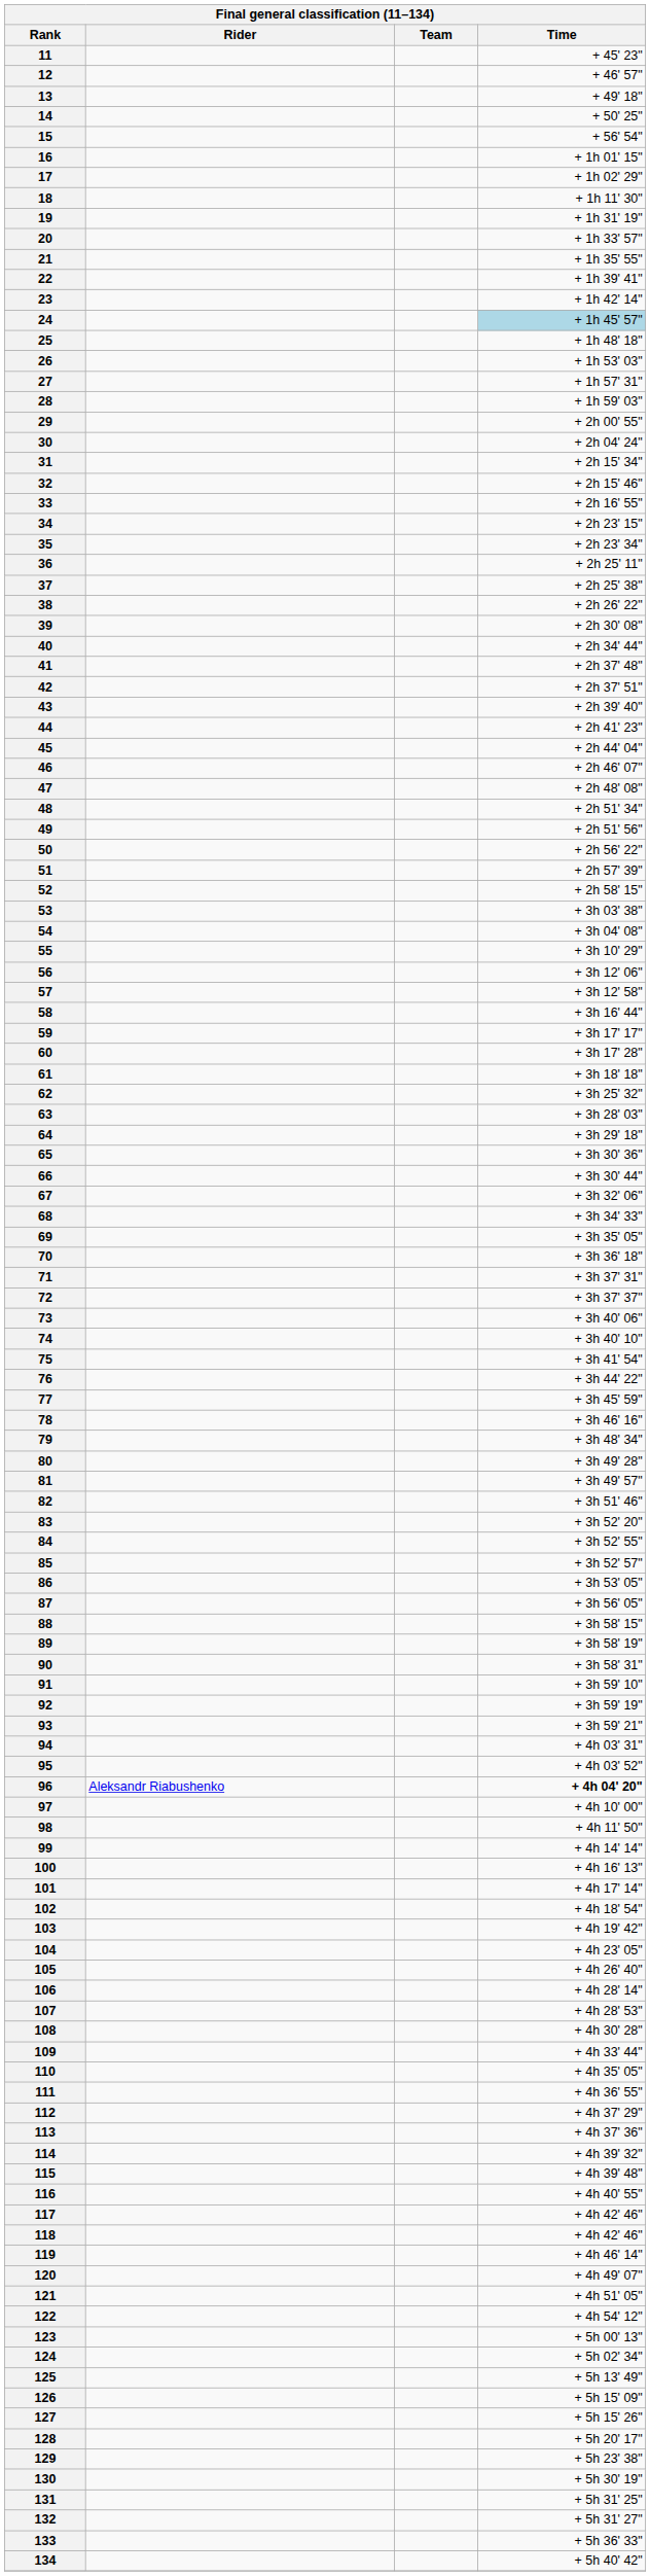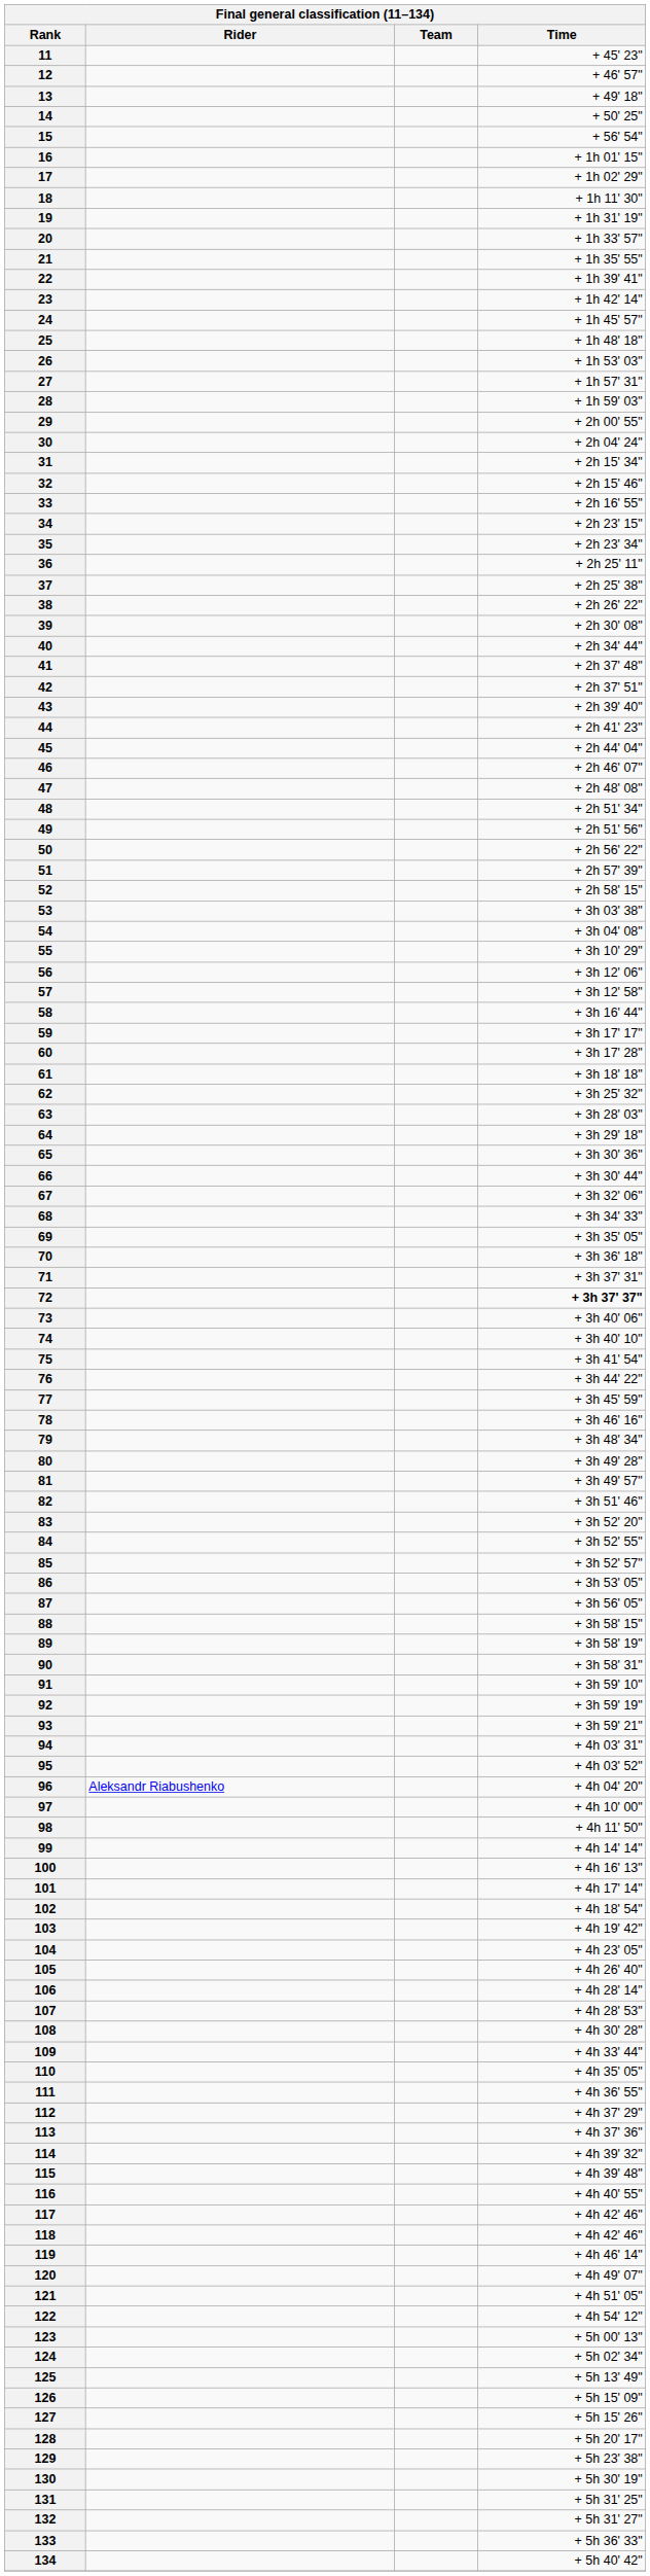 <table class="collapsible collapsed wikitable" style="width:50em;margin-top:-1px;">
 <tr>
 <th scope="col" colspan="4">Final general classification (11–134)</th>
 </tr>
 <tr>
 <th scope="col">Rank</th>
 <th scope="col">Rider</th>
 <th scope="col">Team</th>
 <th scope="col">Time</th>
 </tr>
 <tr>
 <th scope="row">11</th>
 <td></td>
 <td></td>
 <td style="text-align:right;">+ 45' 23"</td>
 </tr>
 <tr>
 <th scope="row">12</th>
 <td></td>
 <td></td>
 <td style="text-align:right;">+ 46' 57"</td>
 </tr>
 <tr>
 <th scope="row">13</th>
 <td></td>
 <td></td>
 <td style="text-align:right;">+ 49' 18"</td>
 </tr>
 <tr>
 <th scope="row">14</th>
 <td></td>
 <td></td>
 <td style="text-align:right;">+ 50' 25"</td>
 </tr>
 <tr>
 <th scope="row">15</th>
 <td></td>
 <td></td>
 <td style="text-align:right;">+ 56' 54"</td>
 </tr>
 <tr>
 <th scope="row">16</th>
 <td> </td>
 <td></td>
 <td style="text-align:right;">+ 1h 01' 15"</td>
 </tr>
 <tr>
 <th scope="row">17</th>
 <td></td>
 <td></td>
 <td style="text-align:right;">+ 1h 02' 29"</td>
 </tr>
 <tr>
 <th scope="row">18</th>
 <td></td>
 <td></td>
 <td style="text-align:right;">+ 1h 11' 30"</td>
 </tr>
 <tr>
 <th scope="row">19</th>
 <td></td>
 <td></td>
 <td style="text-align:right;">+ 1h 31' 19"</td>
 </tr>
 <tr>
 <th scope="row">20</th>
 <td></td>
 <td></td>
 <td style="text-align:right;">+ 1h 33' 57"</td>
 </tr>
 <tr>
 <th scope="row">21</th>
 <td>  </td>
 <td></td>
 <td style="text-align:right;">+ 1h 35' 55"</td>
 </tr>
 <tr>
 <th scope="row">22</th>
 <td></td>
 <td></td>
 <td style="text-align:right;">+ 1h 39' 41"</td>
 </tr>
 <tr>
 <th scope="row">23</th>
 <td></td>
 <td></td>
 <td style="text-align:right;">+ 1h 42' 14"</td>
 </tr>
 <tr>
 <th scope="row">24</th>
 <td></td>
 <td></td>
-<td style="background: lightblue; text-align:right;">+ 1h 45' 57"</td>
+<td style="text-align:right;">+ 1h 45' 57"</td>
 </tr>
 <tr>
 <th scope="row">25</th>
 <td></td>
 <td></td>
 <td style="text-align:right;">+ 1h 48' 18"</td>
 </tr>
 <tr>
 <th scope="row">26</th>
 <td></td>
 <td></td>
 <td style="text-align:right;">+ 1h 53' 03"</td>
 </tr>
 <tr>
 <th scope="row">27</th>
 <td></td>
 <td></td>
 <td style="text-align:right;">+ 1h 57' 31"</td>
 </tr>
 <tr>
 <th scope="row">28</th>
 <td></td>
 <td></td>
 <td style="text-align:right;">+ 1h 59' 03"</td>
 </tr>
 <tr>
 <th scope="row">29</th>
 <td> </td>
 <td></td>
 <td style="text-align:right;">+ 2h 00' 55"</td>
 </tr>
 <tr>
 <th scope="row">30</th>
 <td></td>
 <td></td>
 <td style="text-align:right;">+ 2h 04' 24"</td>
 </tr>
 <tr>
 <th scope="row">31</th>
 <td> </td>
 <td></td>
 <td style="text-align:right;">+ 2h 15' 34"</td>
 </tr>
 <tr>
 <th scope="row">32</th>
 <td></td>
 <td></td>
 <td style="text-align:right;">+ 2h 15' 46"</td>
 </tr>
 <tr>
 <th scope="row">33</th>
 <td></td>
 <td></td>
 <td style="text-align:right;">+ 2h 16' 55"</td>
 </tr>
 <tr>
 <th scope="row">34</th>
 <td></td>
 <td></td>
 <td style="text-align:right;">+ 2h 23' 15"</td>
 </tr>
 <tr>
 <th scope="row">35</th>
 <td></td>
 <td></td>
 <td style="text-align:right;">+ 2h 23' 34"</td>
 </tr>
 <tr>
 <th scope="row">36</th>
 <td></td>
 <td></td>
 <td style="text-align:right;">+ 2h 25' 11"</td>
 </tr>
 <tr>
 <th scope="row">37</th>
 <td></td>
 <td></td>
 <td style="text-align:right;">+ 2h 25' 38"</td>
 </tr>
 <tr>
 <th scope="row">38</th>
 <td></td>
 <td></td>
 <td style="text-align:right;">+ 2h 26' 22"</td>
 </tr>
 <tr>
 <th scope="row">39</th>
 <td></td>
 <td></td>
 <td style="text-align:right;">+ 2h 30' 08"</td>
 </tr>
 <tr>
 <th scope="row">40</th>
 <td></td>
 <td></td>
 <td style="text-align:right;">+ 2h 34' 44"</td>
 </tr>
 <tr>
 <th scope="row">41</th>
 <td></td>
 <td></td>
 <td style="text-align:right;">+ 2h 37' 48"</td>
 </tr>
 <tr>
 <th scope="row">42</th>
 <td></td>
 <td></td>
 <td style="text-align:right;">+ 2h 37' 51"</td>
 </tr>
 <tr>
 <th scope="row">43</th>
 <td></td>
 <td></td>
 <td style="text-align:right;">+ 2h 39' 40"</td>
 </tr>
 <tr>
 <th scope="row">44</th>
 <td></td>
 <td></td>
 <td style="text-align:right;">+ 2h 41' 23"</td>
 </tr>
 <tr>
 <th scope="row">45</th>
 <td></td>
 <td></td>
 <td style="text-align:right;">+ 2h 44' 04"</td>
 </tr>
 <tr>
 <th scope="row">46</th>
 <td></td>
 <td></td>
 <td style="text-align:right;">+ 2h 46' 07"</td>
 </tr>
 <tr>
 <th scope="row">47</th>
 <td></td>
 <td></td>
 <td style="text-align:right;">+ 2h 48' 08"</td>
 </tr>
 <tr>
 <th scope="row">48</th>
 <td> </td>
 <td></td>
 <td style="text-align:right;">+ 2h 51' 34"</td>
 </tr>
 <tr>
 <th scope="row">49</th>
 <td></td>
 <td></td>
 <td style="text-align:right;">+ 2h 51' 56"</td>
 </tr>
 <tr>
 <th scope="row">50</th>
 <td></td>
 <td></td>
 <td style="text-align:right;">+ 2h 56' 22"</td>
 </tr>
 <tr>
 <th scope="row">51</th>
 <td></td>
 <td></td>
 <td style="text-align:right;">+ 2h 57' 39"</td>
 </tr>
 <tr>
 <th scope="row">52</th>
 <td></td>
 <td></td>
 <td style="text-align:right;">+ 2h 58' 15"</td>
 </tr>
 <tr>
 <th scope="row">53</th>
 <td></td>
 <td></td>
 <td style="text-align:right;">+ 3h 03' 38"</td>
 </tr>
 <tr>
 <th scope="row">54</th>
 <td></td>
 <td></td>
 <td style="text-align:right;">+ 3h 04' 08"</td>
 </tr>
 <tr>
 <th scope="row">55</th>
 <td></td>
 <td></td>
 <td style="text-align:right;">+ 3h 10' 29"</td>
 </tr>
 <tr>
 <th scope="row">56</th>
 <td></td>
 <td></td>
 <td style="text-align:right;">+ 3h 12' 06"</td>
 </tr>
 <tr>
 <th scope="row">57</th>
 <td></td>
 <td></td>
 <td style="text-align:right;">+ 3h 12' 58"</td>
 </tr>
 <tr>
 <th scope="row">58</th>
 <td></td>
 <td></td>
 <td style="text-align:right;">+ 3h 16' 44"</td>
 </tr>
 <tr>
 <th scope="row">59</th>
 <td></td>
 <td></td>
 <td style="text-align:right;">+ 3h 17' 17"</td>
 </tr>
 <tr>
 <th scope="row">60</th>
 <td></td>
 <td></td>
 <td style="text-align:right;">+ 3h 17' 28"</td>
 </tr>
 <tr>
 <th scope="row">61</th>
 <td></td>
 <td></td>
 <td style="text-align:right;">+ 3h 18' 18"</td>
 </tr>
 <tr>
 <th scope="row">62</th>
 <td></td>
 <td></td>
 <td style="text-align:right;">+ 3h 25' 32"</td>
 </tr>
 <tr>
 <th scope="row">63</th>
 <td></td>
 <td></td>
 <td style="text-align:right;">+ 3h 28' 03"</td>
 </tr>
 <tr>
 <th scope="row">64</th>
 <td></td>
 <td></td>
 <td style="text-align:right;">+ 3h 29' 18"</td>
 </tr>
 <tr>
 <th scope="row">65</th>
 <td></td>
 <td></td>
 <td style="text-align:right;">+ 3h 30' 36"</td>
 </tr>
 <tr>
 <th scope="row">66</th>
 <td></td>
 <td></td>
 <td style="text-align:right;">+ 3h 30' 44"</td>
 </tr>
 <tr>
 <th scope="row">67</th>
 <td></td>
 <td></td>
 <td style="text-align:right;">+ 3h 32' 06"</td>
 </tr>
 <tr>
 <th scope="row">68</th>
 <td></td>
 <td></td>
 <td style="text-align:right;">+ 3h 34' 33"</td>
 </tr>
 <tr>
 <th scope="row">69</th>
 <td></td>
 <td></td>
 <td style="text-align:right;">+ 3h 35' 05"</td>
 </tr>
 <tr>
 <th scope="row">70</th>
 <td></td>
 <td></td>
 <td style="text-align:right;">+ 3h 36' 18"</td>
 </tr>
 <tr>
 <th scope="row">71</th>
 <td></td>
 <td></td>
 <td style="text-align:right;">+ 3h 37' 31"</td>
 </tr>
 <tr>
 <th scope="row">72</th>
 <td></td>
 <td></td>
-<td style="text-align:right;">+ 3h 37' 37"</td>
+<td style="text-align:right;"><strong>+ 3h 37' 37"</strong></td>
 </tr>
 <tr>
 <th scope="row">73</th>
 <td></td>
 <td></td>
 <td style="text-align:right;">+ 3h 40' 06"</td>
 </tr>
 <tr>
 <th scope="row">74</th>
 <td></td>
 <td></td>
 <td style="text-align:right;">+ 3h 40' 10"</td>
 </tr>
 <tr>
 <th scope="row">75</th>
 <td></td>
 <td></td>
 <td style="text-align:right;">+ 3h 41' 54"</td>
 </tr>
 <tr>
 <th scope="row">76</th>
 <td></td>
 <td></td>
 <td style="text-align:right;">+ 3h 44' 22"</td>
 </tr>
 <tr>
 <th scope="row">77</th>
 <td></td>
 <td></td>
 <td style="text-align:right;">+ 3h 45' 59"</td>
 </tr>
 <tr>
 <th scope="row">78</th>
 <td></td>
 <td></td>
 <td style="text-align:right;">+ 3h 46' 16"</td>
 </tr>
 <tr>
 <th scope="row">79</th>
 <td></td>
 <td></td>
 <td style="text-align:right;">+ 3h 48' 34"</td>
 </tr>
 <tr>
 <th scope="row">80</th>
 <td></td>
 <td></td>
 <td style="text-align:right;">+ 3h 49' 28"</td>
 </tr>
 <tr>
 <th scope="row">81</th>
 <td></td>
 <td></td>
 <td style="text-align:right;">+ 3h 49' 57"</td>
 </tr>
 <tr>
 <th scope="row">82</th>
 <td></td>
 <td></td>
 <td style="text-align:right;">+ 3h 51' 46"</td>
 </tr>
 <tr>
 <th scope="row">83</th>
 <td></td>
 <td></td>
 <td style="text-align:right;">+ 3h 52' 20"</td>
 </tr>
 <tr>
 <th scope="row">84</th>
 <td></td>
 <td></td>
 <td style="text-align:right;">+ 3h 52' 55"</td>
 </tr>
 <tr>
 <th scope="row">85</th>
 <td></td>
 <td></td>
 <td style="text-align:right;">+ 3h 52' 57"</td>
 </tr>
 <tr>
 <th scope="row">86</th>
 <td></td>
 <td></td>
 <td style="text-align:right;">+ 3h 53' 05"</td>
 </tr>
 <tr>
 <th scope="row">87</th>
 <td></td>
 <td></td>
 <td style="text-align:right;">+ 3h 56' 05"</td>
 </tr>
 <tr>
 <th scope="row">88</th>
 <td></td>
 <td></td>
 <td style="text-align:right;">+ 3h 58' 15"</td>
 </tr>
 <tr>
 <th scope="row">89</th>
 <td></td>
 <td></td>
 <td style="text-align:right;">+ 3h 58' 19"</td>
 </tr>
 <tr>
 <th scope="row">90</th>
 <td></td>
 <td></td>
 <td style="text-align:right;">+ 3h 58' 31"</td>
 </tr>
 <tr>
 <th scope="row">91</th>
 <td></td>
 <td></td>
 <td style="text-align:right;">+ 3h 59' 10"</td>
 </tr>
 <tr>
 <th scope="row">92</th>
 <td></td>
 <td></td>
 <td style="text-align:right;">+ 3h 59' 19"</td>
 </tr>
 <tr>
 <th scope="row">93</th>
 <td></td>
 <td></td>
 <td style="text-align:right;">+ 3h 59' 21"</td>
 </tr>
 <tr>
 <th scope="row">94</th>
 <td> </td>
 <td></td>
 <td style="text-align:right;">+ 4h 03' 31"</td>
 </tr>
 <tr>
 <th scope="row">95</th>
 <td></td>
 <td></td>
 <td style="text-align:right;">+ 4h 03' 52"</td>
 </tr>
 <tr>
 <th scope="row">96</th>
 <td> <a href='#'>Aleksandr Riabushenko</a></td>
 <td></td>
-<td style="text-align:right;"><strong>+ 4h 04' 20"</strong></td>
+<td style="text-align:right;">+ 4h 04' 20"</td>
 </tr>
 <tr>
 <th scope="row">97</th>
 <td></td>
 <td></td>
 <td style="text-align:right;">+ 4h 10' 00"</td>
 </tr>
 <tr>
 <th scope="row">98</th>
 <td></td>
 <td></td>
 <td style="text-align:right;">+ 4h 11' 50"</td>
 </tr>
 <tr>
 <th scope="row">99</th>
 <td></td>
 <td></td>
 <td style="text-align:right;">+ 4h 14' 14"</td>
 </tr>
 <tr>
 <th scope="row">100</th>
 <td></td>
 <td></td>
 <td style="text-align:right;">+ 4h 16' 13"</td>
 </tr>
 <tr>
 <th scope="row">101</th>
 <td></td>
 <td></td>
 <td style="text-align:right;">+ 4h 17' 14"</td>
 </tr>
 <tr>
 <th scope="row">102</th>
 <td></td>
 <td></td>
 <td style="text-align:right;">+ 4h 18' 54"</td>
 </tr>
 <tr>
 <th scope="row">103</th>
 <td></td>
 <td></td>
 <td style="text-align:right;">+ 4h 19' 42"</td>
 </tr>
 <tr>
 <th scope="row">104</th>
 <td></td>
 <td></td>
 <td style="text-align:right;">+ 4h 23' 05"</td>
 </tr>
 <tr>
 <th scope="row">105</th>
 <td> </td>
 <td></td>
 <td style="text-align:right;">+ 4h 26' 40"</td>
 </tr>
 <tr>
 <th scope="row">106</th>
 <td></td>
 <td></td>
 <td style="text-align:right;">+ 4h 28' 14"</td>
 </tr>
 <tr>
 <th scope="row">107</th>
 <td></td>
 <td></td>
 <td style="text-align:right;">+ 4h 28' 53"</td>
 </tr>
 <tr>
 <th scope="row">108</th>
 <td></td>
 <td></td>
 <td style="text-align:right;">+ 4h 30' 28"</td>
 </tr>
 <tr>
 <th scope="row">109</th>
 <td></td>
 <td></td>
 <td style="text-align:right;">+ 4h 33' 44"</td>
 </tr>
 <tr>
 <th scope="row">110</th>
 <td></td>
 <td></td>
 <td style="text-align:right;">+ 4h 35' 05"</td>
 </tr>
 <tr>
 <th scope="row">111</th>
 <td></td>
 <td></td>
 <td style="text-align:right;">+ 4h 36' 55"</td>
 </tr>
 <tr>
 <th scope="row">112</th>
 <td></td>
 <td></td>
 <td style="text-align:right;">+ 4h 37' 29"</td>
 </tr>
 <tr>
 <th scope="row">113</th>
 <td></td>
 <td></td>
 <td style="text-align:right;">+ 4h 37' 36"</td>
 </tr>
 <tr>
 <th scope="row">114</th>
 <td></td>
 <td></td>
 <td style="text-align:right;">+ 4h 39' 32"</td>
 </tr>
 <tr>
 <th scope="row">115</th>
 <td></td>
 <td></td>
 <td style="text-align:right;">+ 4h 39' 48"</td>
 </tr>
 <tr>
 <th scope="row">116</th>
 <td></td>
 <td></td>
 <td style="text-align:right;">+ 4h 40' 55"</td>
 </tr>
 <tr>
 <th scope="row">117</th>
 <td></td>
 <td></td>
 <td style="text-align:right;">+ 4h 42' 46"</td>
 </tr>
 <tr>
 <th scope="row">118</th>
 <td></td>
 <td></td>
 <td style="text-align:right;">+ 4h 42' 46"</td>
 </tr>
 <tr>
 <th scope="row">119</th>
 <td></td>
 <td></td>
 <td style="text-align:right;">+ 4h 46' 14"</td>
 </tr>
 <tr>
 <th scope="row">120</th>
 <td></td>
 <td></td>
 <td style="text-align:right;">+ 4h 49' 07"</td>
 </tr>
 <tr>
 <th scope="row">121</th>
 <td></td>
 <td></td>
 <td style="text-align:right;">+ 4h 51' 05"</td>
 </tr>
 <tr>
 <th scope="row">122</th>
 <td></td>
 <td></td>
 <td style="text-align:right;">+ 4h 54' 12"</td>
 </tr>
 <tr>
 <th scope="row">123</th>
 <td></td>
 <td></td>
 <td style="text-align:right;">+ 5h 00' 13"</td>
 </tr>
 <tr>
 <th scope="row">124</th>
 <td></td>
 <td></td>
 <td style="text-align:right;">+ 5h 02' 34"</td>
 </tr>
 <tr>
 <th scope="row">125</th>
 <td></td>
 <td></td>
 <td style="text-align:right;">+ 5h 13' 49"</td>
 </tr>
 <tr>
 <th scope="row">126</th>
 <td></td>
 <td></td>
 <td style="text-align:right;">+ 5h 15' 09"</td>
 </tr>
 <tr>
 <th scope="row">127</th>
 <td></td>
 <td></td>
 <td style="text-align:right;">+ 5h 15' 26"</td>
 </tr>
 <tr>
 <th scope="row">128</th>
 <td></td>
 <td></td>
 <td style="text-align:right;">+ 5h 20' 17"</td>
 </tr>
 <tr>
 <th scope="row">129</th>
 <td></td>
 <td></td>
 <td style="text-align:right;">+ 5h 23' 38"</td>
 </tr>
 <tr>
 <th scope="row">130</th>
 <td></td>
 <td></td>
 <td style="text-align:right;">+ 5h 30' 19"</td>
 </tr>
 <tr>
 <th scope="row">131</th>
 <td></td>
 <td></td>
 <td style="text-align:right;">+ 5h 31' 25"</td>
 </tr>
 <tr>
 <th scope="row">132</th>
 <td></td>
 <td></td>
 <td style="text-align:right;">+ 5h 31' 27"</td>
 </tr>
 <tr>
 <th scope="row">133</th>
 <td></td>
 <td></td>
 <td style="text-align:right;">+ 5h 36' 33"</td>
 </tr>
 <tr>
 <th scope="row">134</th>
 <td></td>
 <td></td>
 <td style="text-align:right;">+ 5h 40' 42"</td>
 </tr>
 <tr>
 </tr>
 </table>
